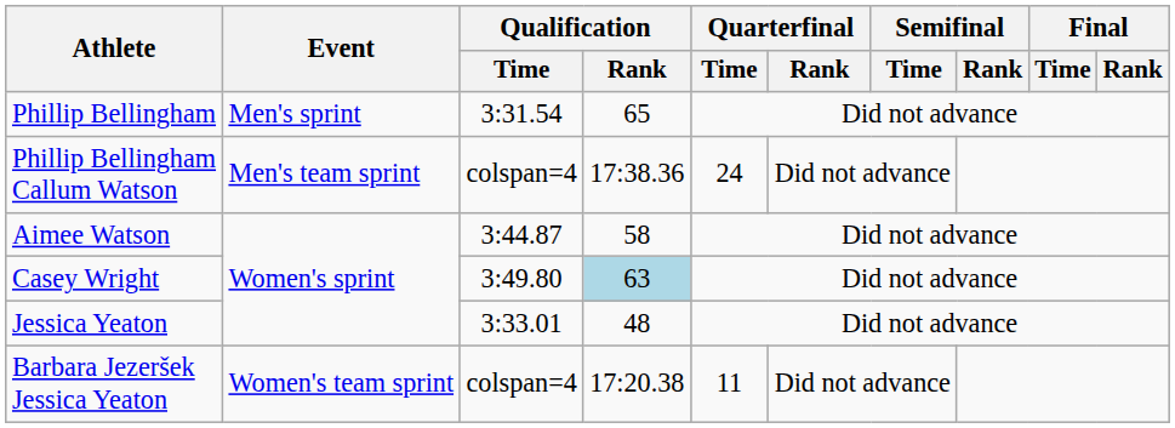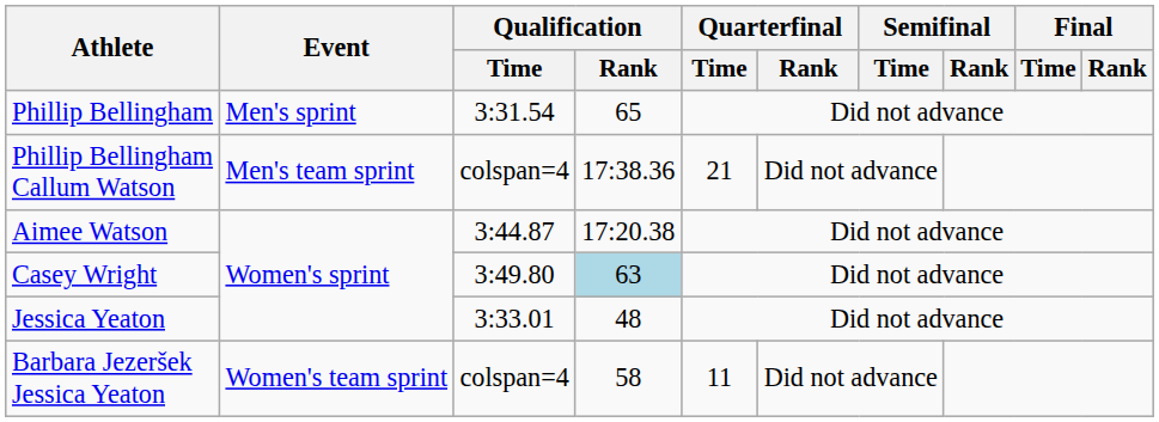 <table class="wikitable" style="font-size:90%">
 <tr>
 <th rowspan="2">Athlete</th>
 <th rowspan="2">Event</th>
 <th colspan="2">Qualification</th>
 <th colspan="2">Quarterfinal</th>
 <th colspan="2">Semifinal</th>
 <th colspan="2">Final</th>
 </tr>
 <tr style="font-size:95%">
 <th>Time</th>
 <th>Rank</th>
 <th>Time</th>
 <th>Rank</th>
 <th>Time</th>
 <th>Rank</th>
 <th>Time</th>
 <th>Rank</th>
 </tr>
 <tr align=center>
 <td align=left><a href='#'>Phillip Bellingham</a></td>
 <td align=left rowspan=1><a href='#'>Men's sprint</a></td>
 <td>3:31.54</td>
 <td>65</td>
 <td colspan=6>Did not advance</td>
 </tr>
 <tr align=center>
 <td align=left><a href='#'>Phillip Bellingham</a><br><a href='#'>Callum Watson</a></td>
 <td align=left><a href='#'>Men's team sprint</a></td>
 <td>colspan=4 </td>
 <td>17:38.36</td>
-<td>24</td>
+<td>21</td>
 <td colspan=2>Did not advance</td>
 </tr>
 <tr align=center>
 <td align=left><a href='#'>Aimee Watson</a></td>
 <td align=left rowspan=3><a href='#'>Women's sprint</a></td>
 <td>3:44.87</td>
-<td>58</td>
+<td>17:20.38</td>
 <td colspan=6>Did not advance</td>
 </tr>
 <tr align=center>
 <td align=left><a href='#'>Casey Wright</a></td>
 <td>3:49.80</td>
 <td style="background: lightblue;">63</td>
 <td colspan=6>Did not advance</td>
 </tr>
 <tr align=center>
 <td align=left><a href='#'>Jessica Yeaton</a></td>
 <td>3:33.01</td>
 <td>48</td>
 <td colspan=6>Did not advance</td>
 </tr>
 <tr align=center>
 <td align=left><a href='#'>Barbara Jezeršek</a><br><a href='#'>Jessica Yeaton</a></td>
 <td align=left><a href='#'>Women's team sprint</a></td>
 <td>colspan=4 </td>
-<td>17:20.38</td>
+<td>58</td>
 <td>11</td>
 <td colspan=2>Did not advance</td>
 </tr>
 </table>
